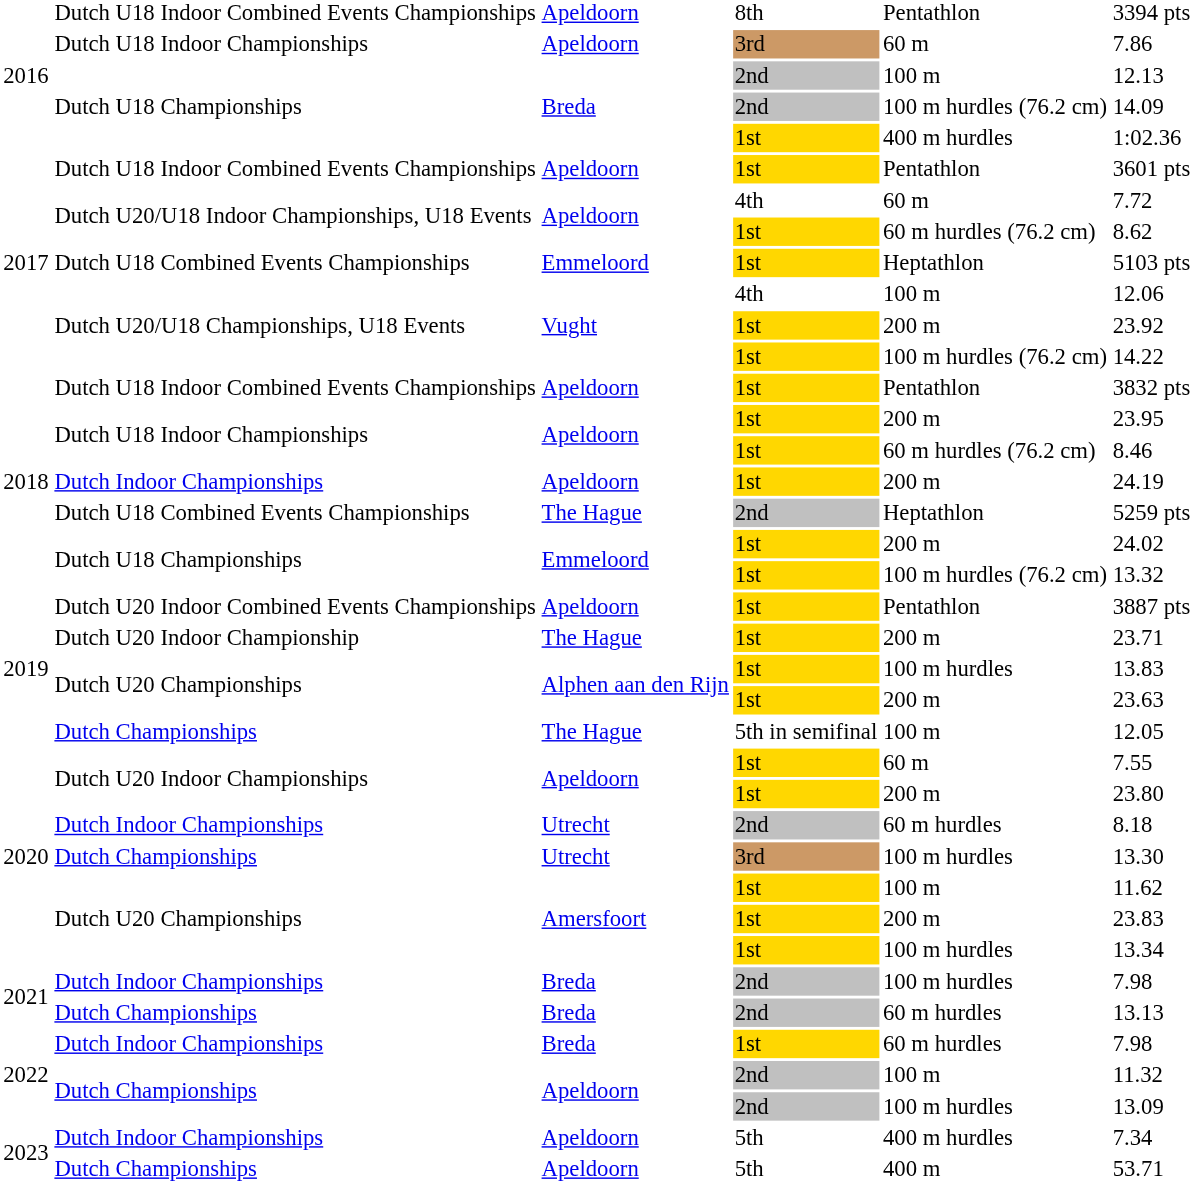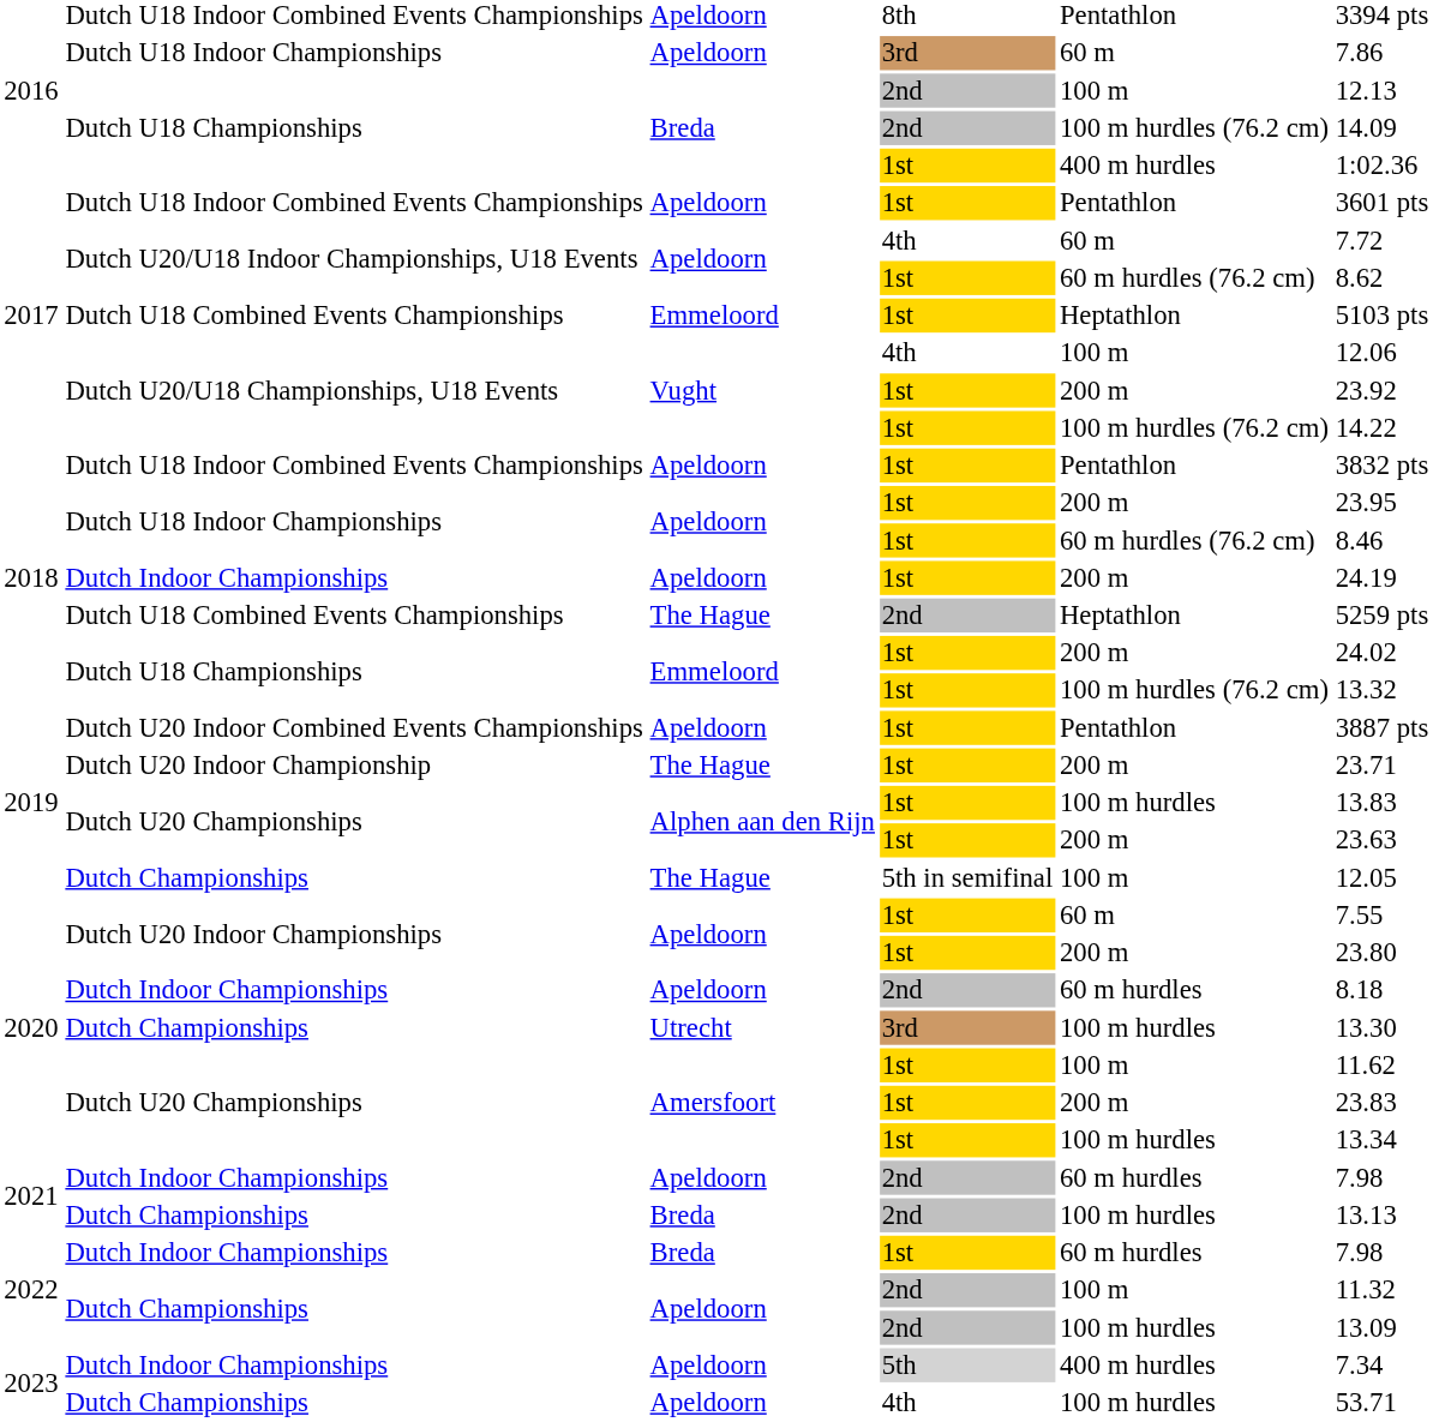 <table>
 <tr>
 <td rowspan="5">2016</td>
 <td>Dutch U18 Indoor Combined Events Championships</td>
 <td><a href='#'>Apeldoorn</a></td>
 <td>8th</td>
 <td>Pentathlon</td>
 <td>3394 pts </td>
 </tr>
 <tr>
 <td>Dutch U18 Indoor Championships</td>
 <td><a href='#'>Apeldoorn</a></td>
 <td bgcolor="#cc9966">3rd</td>
 <td>60 m</td>
 <td>7.86 </td>
 </tr>
 <tr>
 <td rowspan="3">Dutch U18 Championships</td>
 <td rowspan="3"><a href='#'>Breda</a></td>
 <td bgcolor="silver">2nd</td>
 <td>100 m</td>
 <td>12.13</td>
 </tr>
 <tr>
 <td bgcolor="silver">2nd</td>
 <td>100 m hurdles (76.2 cm)</td>
 <td>14.09</td>
 </tr>
 <tr>
 <td bgcolor="gold">1st</td>
 <td>400 m hurdles</td>
 <td>1:02.36</td>
 </tr>
 <tr>
 <td rowspan="7">2017</td>
 <td>Dutch U18 Indoor Combined Events Championships</td>
 <td><a href='#'>Apeldoorn</a></td>
 <td bgcolor="gold">1st</td>
 <td>Pentathlon</td>
 <td>3601 pts </td>
 </tr>
 <tr>
 <td rowspan="2">Dutch U20/U18 Indoor Championships, U18 Events</td>
 <td rowspan="2"><a href='#'>Apeldoorn</a></td>
 <td>4th</td>
 <td>60 m</td>
 <td>7.72 </td>
 </tr>
 <tr>
 <td bgcolor="gold">1st</td>
 <td>60 m hurdles (76.2 cm)</td>
 <td>8.62 </td>
 </tr>
 <tr>
 <td>Dutch U18 Combined Events Championships</td>
 <td><a href='#'>Emmeloord</a></td>
 <td bgcolor="gold">1st</td>
 <td>Heptathlon</td>
 <td>5103 pts</td>
 </tr>
 <tr>
 <td rowspan="3">Dutch U20/U18 Championships, U18 Events</td>
 <td rowspan="3"><a href='#'>Vught</a></td>
 <td>4th</td>
 <td>100 m</td>
 <td>12.06</td>
 </tr>
 <tr>
 <td bgcolor="gold">1st</td>
 <td>200 m</td>
 <td>23.92</td>
 </tr>
 <tr>
 <td bgcolor="gold">1st</td>
 <td>100 m hurdles (76.2 cm)</td>
 <td>14.22</td>
 </tr>
 <tr>
 <td rowspan="7">2018</td>
 <td>Dutch U18 Indoor Combined Events Championships</td>
 <td><a href='#'>Apeldoorn</a></td>
 <td bgcolor="gold">1st</td>
 <td>Pentathlon</td>
 <td>3832 pts </td>
 </tr>
 <tr>
 <td rowspan="2">Dutch U18 Indoor Championships</td>
 <td rowspan="2"><a href='#'>Apeldoorn</a></td>
 <td bgcolor="gold">1st</td>
 <td>200 m</td>
 <td>23.95 </td>
 </tr>
 <tr>
 <td bgcolor="gold">1st</td>
 <td>60 m hurdles (76.2 cm)</td>
 <td>8.46 </td>
 </tr>
 <tr>
 <td><a href='#'>Dutch Indoor Championships</a></td>
 <td><a href='#'>Apeldoorn</a></td>
 <td bgcolor="gold">1st</td>
 <td>200 m</td>
 <td>24.19 </td>
 </tr>
 <tr>
 <td>Dutch U18 Combined Events Championships</td>
 <td><a href='#'>The Hague</a></td>
 <td bgcolor="silver">2nd</td>
 <td>Heptathlon</td>
 <td>5259 pts</td>
 </tr>
 <tr>
 <td rowspan="2">Dutch U18 Championships</td>
 <td rowspan="2"><a href='#'>Emmeloord</a></td>
 <td bgcolor="gold">1st</td>
 <td>200 m</td>
 <td>24.02</td>
 </tr>
 <tr>
 <td bgcolor="gold">1st</td>
 <td>100 m hurdles (76.2 cm)</td>
 <td>13.32</td>
 </tr>
 <tr>
 <td rowspan="5">2019</td>
 <td>Dutch U20 Indoor Combined Events Championships</td>
 <td><a href='#'>Apeldoorn</a></td>
 <td bgcolor="gold">1st</td>
 <td>Pentathlon</td>
 <td>3887 pts </td>
 </tr>
 <tr>
 <td>Dutch U20 Indoor Championship</td>
 <td><a href='#'>The Hague</a></td>
 <td bgcolor="gold">1st</td>
 <td>200 m</td>
 <td>23.71 </td>
 </tr>
 <tr>
 <td rowspan="2">Dutch U20 Championships</td>
 <td rowspan="2"><a href='#'>Alphen aan den Rijn</a></td>
 <td bgcolor="gold">1st</td>
 <td>100 m hurdles</td>
 <td>13.83</td>
 </tr>
 <tr>
 <td bgcolor="gold">1st</td>
 <td>200 m</td>
 <td>23.63</td>
 </tr>
 <tr>
 <td><a href='#'>Dutch Championships</a></td>
 <td><a href='#'>The Hague</a></td>
 <td>5th in semifinal</td>
 <td>100 m</td>
 <td>12.05</td>
 </tr>
 <tr>
 <td rowspan="7">2020</td>
 <td rowspan="2">Dutch U20 Indoor Championships</td>
 <td rowspan="2"><a href='#'>Apeldoorn</a></td>
 <td bgcolor="gold">1st</td>
 <td>60 m</td>
 <td>7.55 </td>
 </tr>
 <tr>
 <td bgcolor="gold">1st</td>
 <td>200 m</td>
 <td>23.80 </td>
 </tr>
 <tr>
 <td><a href='#'>Dutch Indoor Championships</a></td>
-<td><a href='#'>Utrecht</a></td>
+<td><a href='#'>Apeldoorn</a></td>
 <td bgcolor="silver">2nd</td>
 <td>60 m hurdles</td>
 <td>8.18 </td>
 </tr>
 <tr>
 <td><a href='#'>Dutch Championships</a></td>
 <td><a href='#'>Utrecht</a></td>
 <td bgcolor="#cc9966">3rd</td>
 <td>100 m hurdles</td>
 <td>13.30</td>
 </tr>
 <tr>
 <td rowspan="3">Dutch U20 Championships</td>
 <td rowspan="3"><a href='#'>Amersfoort</a></td>
 <td bgcolor="gold">1st</td>
 <td>100 m</td>
 <td>11.62</td>
 </tr>
 <tr>
 <td bgcolor="gold">1st</td>
 <td>200 m</td>
 <td>23.83</td>
 </tr>
 <tr>
 <td bgcolor="gold">1st</td>
 <td>100 m hurdles</td>
 <td>13.34</td>
 </tr>
 <tr>
 <td rowspan="2">2021</td>
 <td><a href='#'>Dutch Indoor Championships</a></td>
-<td><a href='#'>Breda</a></td>
+<td><a href='#'>Apeldoorn</a></td>
 <td bgcolor="silver">2nd</td>
-<td>100 m hurdles</td>
+<td>60 m hurdles</td>
 <td>7.98 </td>
 </tr>
 <tr>
 <td><a href='#'>Dutch Championships</a></td>
 <td><a href='#'>Breda</a></td>
 <td bgcolor="silver">2nd</td>
-<td>60 m hurdles</td>
+<td>100 m hurdles</td>
 <td>13.13</td>
 </tr>
 <tr>
 <td rowspan="3">2022</td>
 <td><a href='#'>Dutch Indoor Championships</a></td>
 <td><a href='#'>Breda</a></td>
 <td bgcolor="gold">1st</td>
 <td>60 m hurdles</td>
 <td>7.98 </td>
 </tr>
 <tr>
 <td rowspan="2"><a href='#'>Dutch Championships</a></td>
 <td rowspan="2"><a href='#'>Apeldoorn</a></td>
 <td bgcolor="silver">2nd</td>
 <td>100 m</td>
 <td>11.32</td>
 </tr>
 <tr>
 <td bgcolor="silver">2nd</td>
 <td>100 m hurdles</td>
 <td>13.09</td>
 </tr>
 <tr>
 <td rowspan="2">2023</td>
 <td><a href='#'>Dutch Indoor Championships</a></td>
 <td><a href='#'>Apeldoorn</a></td>
-<td>5th</td>
+<td style="background: lightgrey;">5th</td>
 <td>400 m hurdles</td>
 <td>7.34 </td>
 </tr>
 <tr>
 <td><a href='#'>Dutch Championships</a></td>
 <td><a href='#'>Apeldoorn</a></td>
-<td>5th</td>
-<td>400 m</td>
+<td>4th</td>
+<td>100 m hurdles</td>
 <td>53.71</td>
 </tr>
 </table>
